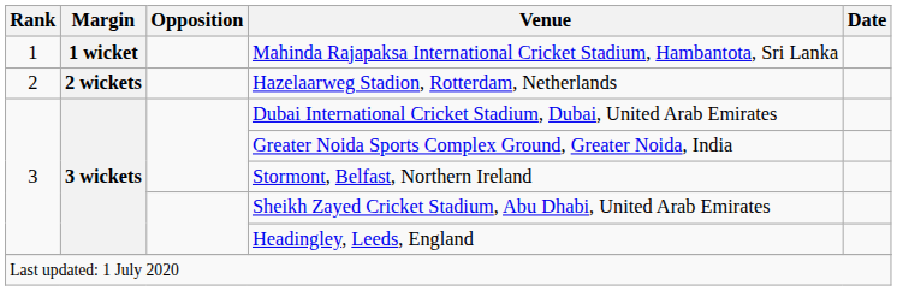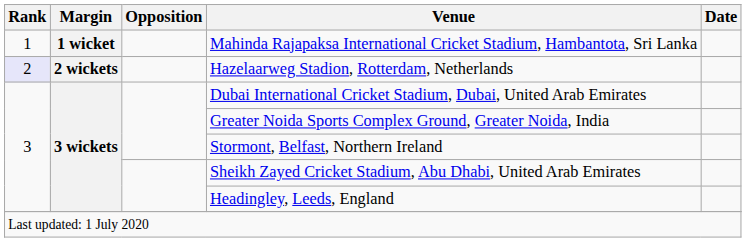 <table class="wikitable plainrowheaders sortable">
 <tr>
 <th scope=col>Rank</th>
 <th scope=col>Margin</th>
 <th scope=col>Opposition</th>
 <th scope=col>Venue</th>
 <th scope=col>Date</th>
 </tr>
 <tr>
 <td align=center>1</td>
 <th scope=row style=text-align:center>1 wicket</th>
 <td></td>
 <td><a href='#'>Mahinda Rajapaksa International Cricket Stadium</a>, <a href='#'>Hambantota</a>, Sri Lanka</td>
 <td></td>
 </tr>
 <tr>
-<td align=center>2</td>
+<td align=center style="background: lavender;">2</td>
 <th scope=row style=text-align:center>2 wickets</th>
 <td></td>
 <td><a href='#'>Hazelaarweg Stadion</a>, <a href='#'>Rotterdam</a>, Netherlands</td>
 <td></td>
 </tr>
 <tr>
 <td align=center rowspan=5>3</td>
 <th scope=row style=text-align:center rowspan=5>3 wickets</th>
 <td rowspan=3></td>
 <td><a href='#'>Dubai International Cricket Stadium</a>, <a href='#'>Dubai</a>, United Arab Emirates</td>
 <td></td>
 </tr>
 <tr>
 <td><a href='#'>Greater Noida Sports Complex Ground</a>, <a href='#'>Greater Noida</a>, India</td>
 <td></td>
 </tr>
 <tr>
 <td><a href='#'>Stormont</a>, <a href='#'>Belfast</a>, Northern Ireland</td>
 <td></td>
 </tr>
 <tr>
 <td rowspan=2></td>
 <td><a href='#'>Sheikh Zayed Cricket Stadium</a>, <a href='#'>Abu Dhabi</a>, United Arab Emirates</td>
 <td></td>
 </tr>
 <tr>
 <td><a href='#'>Headingley</a>, <a href='#'>Leeds</a>, England</td>
 <td> </td>
 </tr>
 <tr>
 </tr>
 <tr class=sortbottom>
 <td colspan=5><small>Last updated: 1 July 2020</small></td>
 </tr>
 </table>
